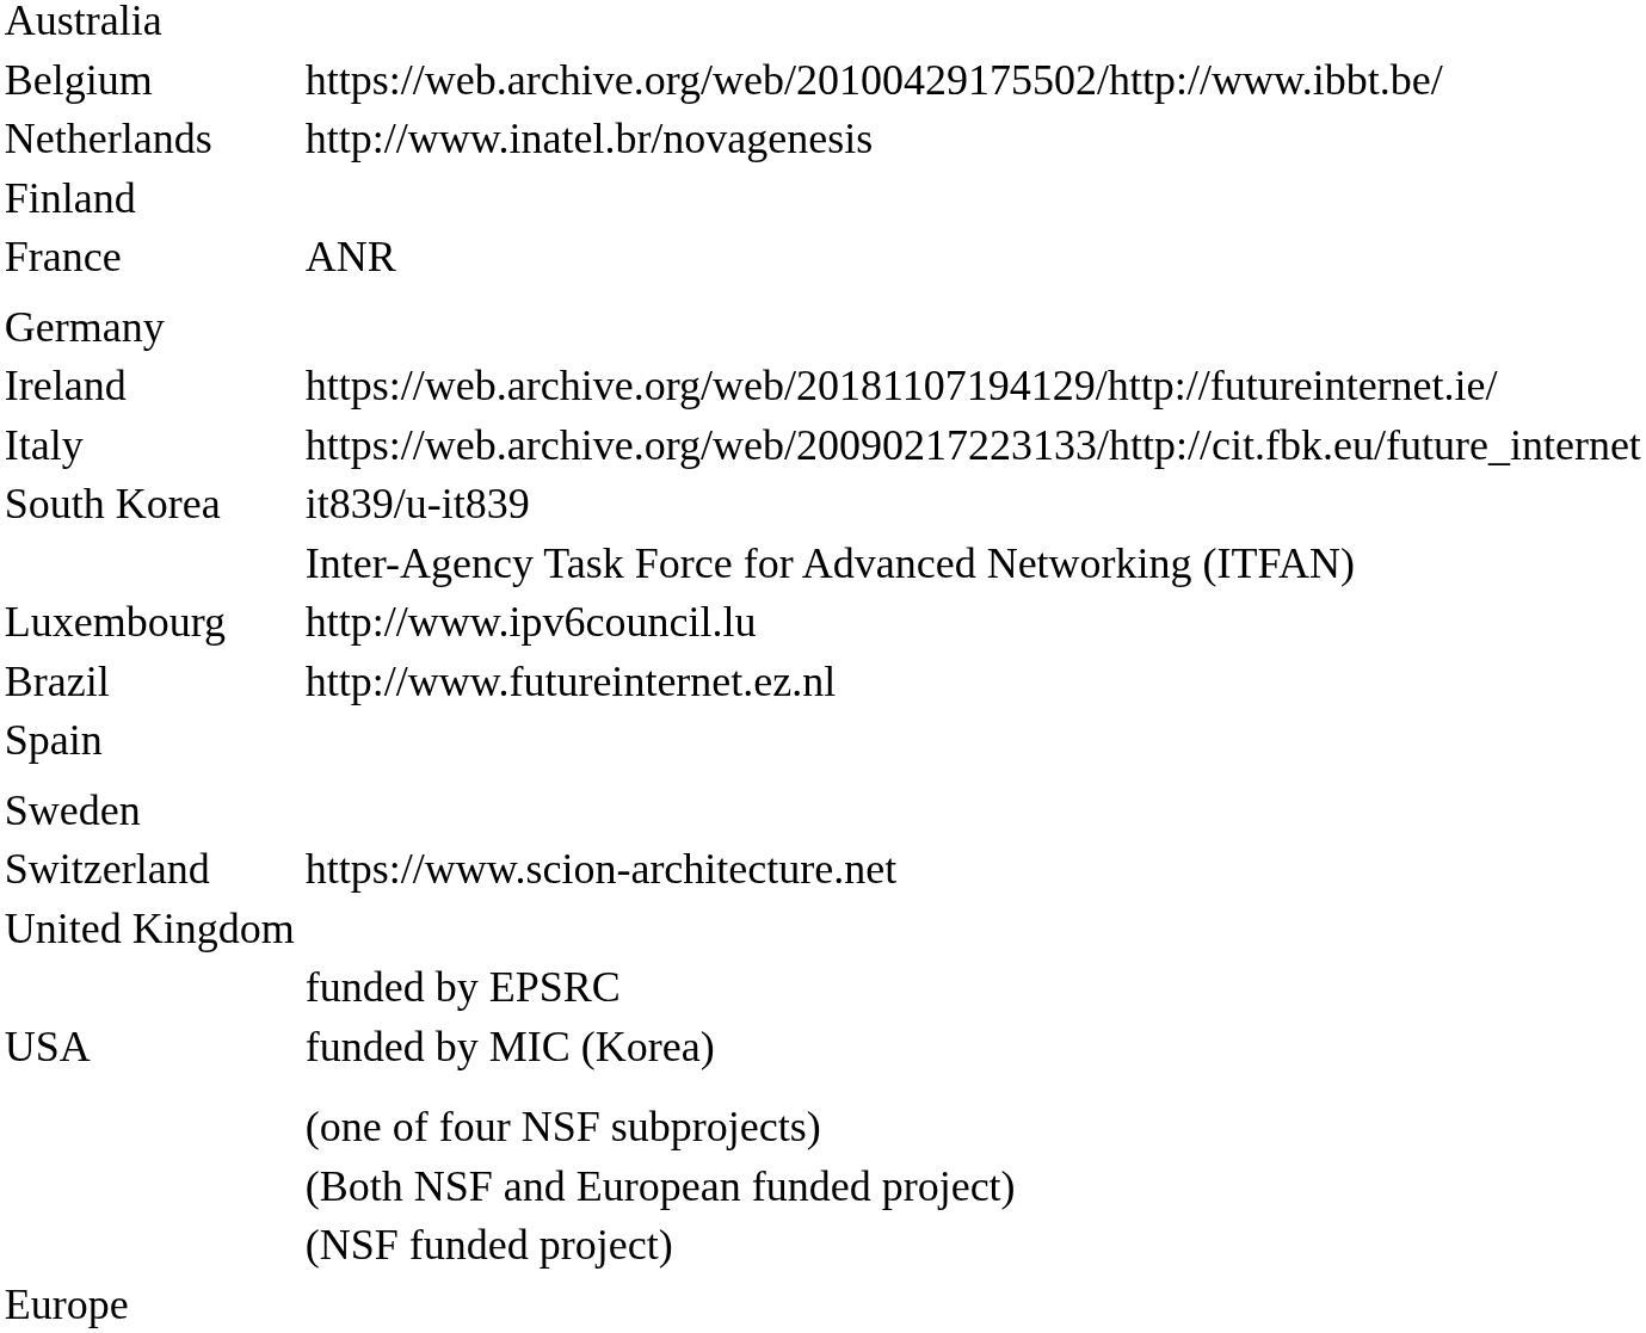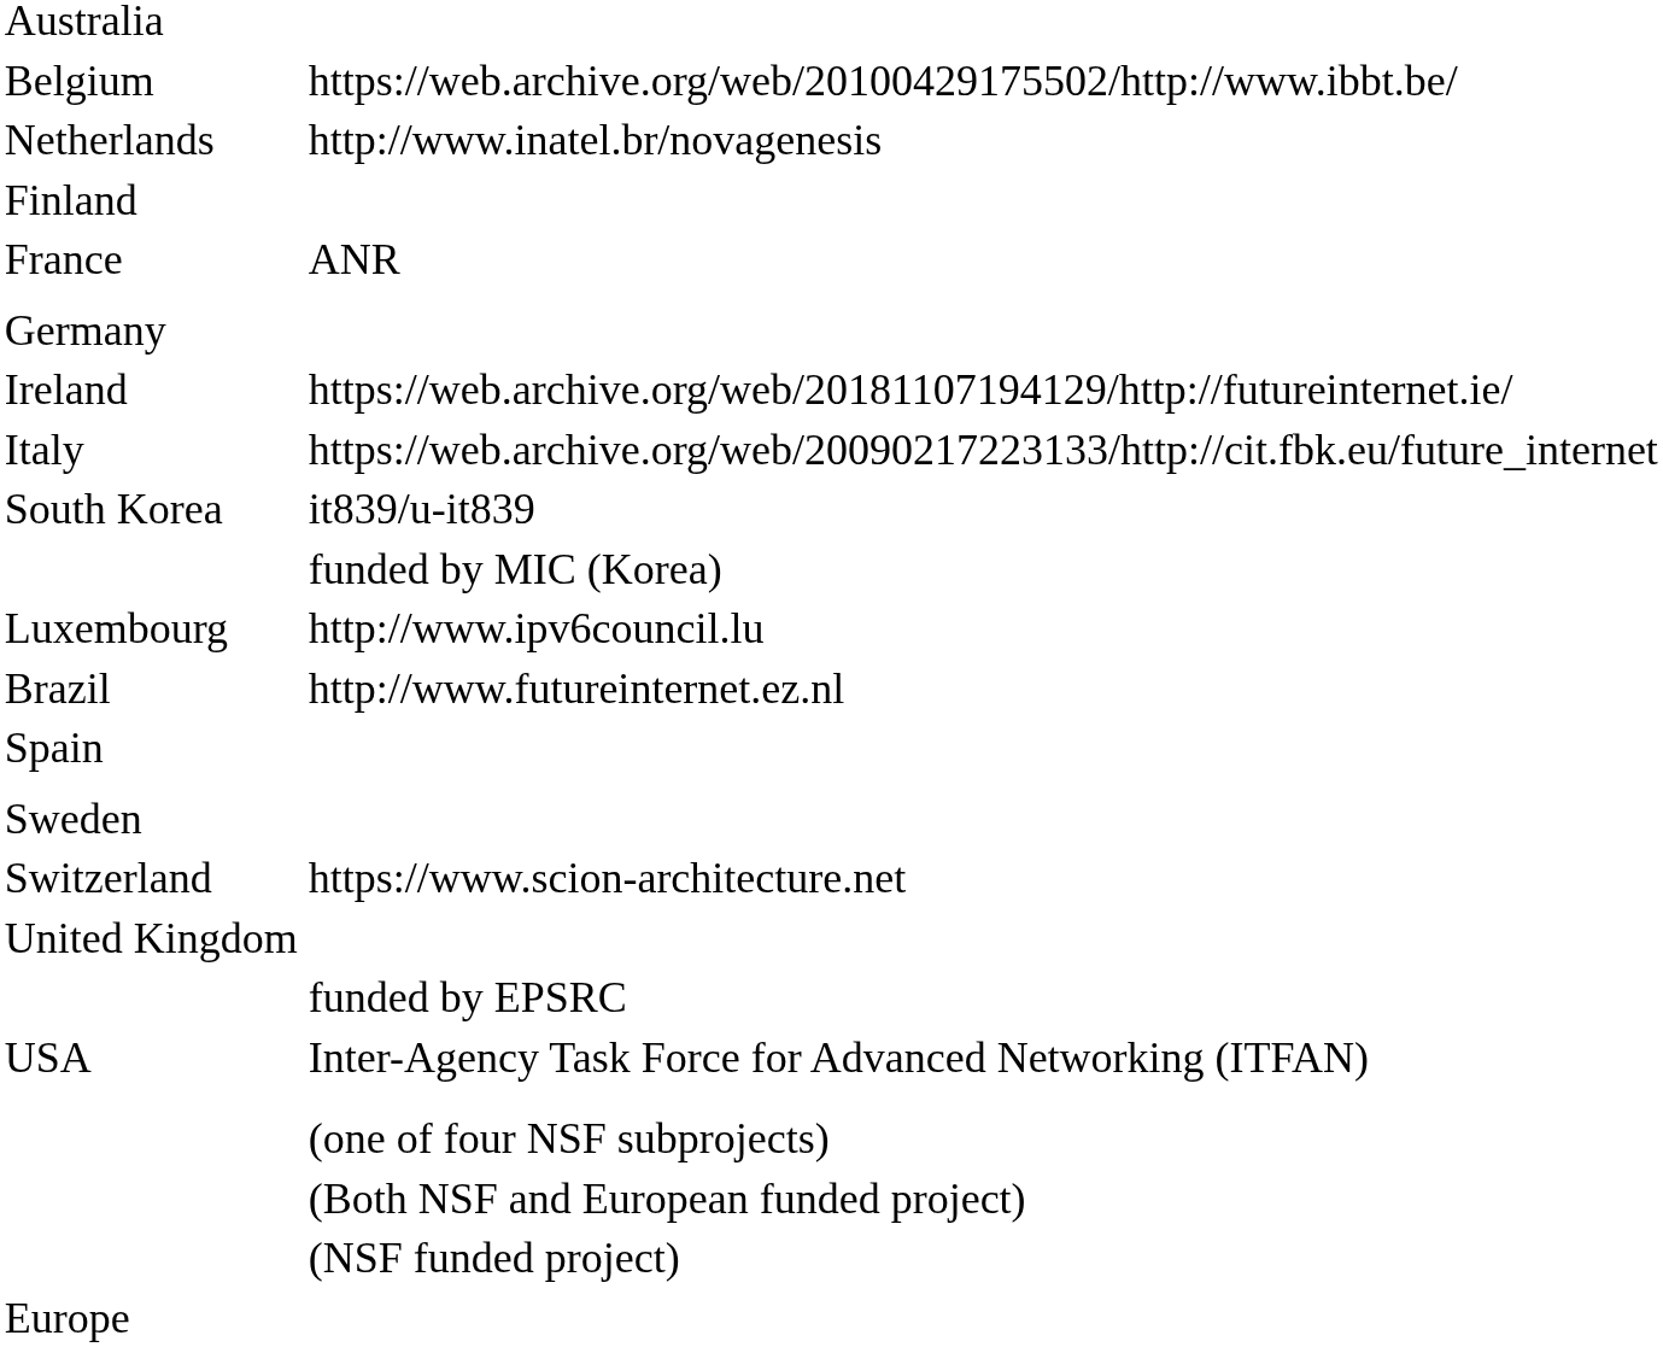 <table>
 <tr>
 <td>Australia</td>
 <td></td>
 </tr>
 <tr>
 <td>Belgium</td>
 <td>https://web.archive.org/web/20100429175502/http://www.ibbt.be/</td>
 </tr>
 <tr>
 <td>Netherlands</td>
 <td>http://www.inatel.br/novagenesis</td>
 </tr>
 <tr>
 <td>Finland</td>
 <td></td>
 </tr>
 <tr>
 <td>France</td>
 <td>ANR</td>
 </tr>
 <tr>
 <td></td>
 <td></td>
 </tr>
 <tr>
 <td>Germany</td>
 <td></td>
 </tr>
 <tr>
 <td>Ireland</td>
 <td>https://web.archive.org/web/20181107194129/http://futureinternet.ie/</td>
 </tr>
 <tr>
 <td>Italy</td>
 <td>https://web.archive.org/web/20090217223133/http://cit.fbk.eu/future_internet</td>
 </tr>
 <tr>
 <td>South Korea</td>
 <td>it839/u-it839</td>
 </tr>
 <tr>
 <td></td>
-<td>Inter-Agency Task Force for Advanced Networking (ITFAN)</td>
+<td> funded by MIC (Korea)</td>
 </tr>
 <tr>
 <td>Luxembourg</td>
 <td>http://www.ipv6council.lu</td>
 </tr>
 <tr>
 <td>Brazil</td>
 <td>http://www.futureinternet.ez.nl</td>
 </tr>
 <tr>
 <td>Spain</td>
 <td></td>
 </tr>
 <tr>
 <td></td>
 <td></td>
 </tr>
 <tr>
 <td>Sweden</td>
 <td></td>
 </tr>
 <tr>
 <td>Switzerland</td>
 <td>https://www.scion-architecture.net</td>
 </tr>
 <tr>
 <td>United Kingdom</td>
 <td></td>
 </tr>
 <tr>
 <td></td>
 <td> funded by EPSRC</td>
 </tr>
 <tr>
 <td>USA</td>
-<td> funded by MIC (Korea)</td>
+<td>Inter-Agency Task Force for Advanced Networking (ITFAN)</td>
 </tr>
 <tr>
 <td></td>
 <td></td>
 </tr>
 <tr>
 <td></td>
 <td></td>
 </tr>
 <tr>
 <td></td>
 <td> (one of four NSF subprojects)</td>
 </tr>
 <tr>
 <td></td>
 <td> (Both NSF and European funded project)</td>
 </tr>
 <tr>
 <td></td>
 <td> (NSF funded project)</td>
 </tr>
 <tr>
 <td>Europe</td>
 <td></td>
 </tr>
 <tr>
 <td></td>
 <td> </td>
 </tr>
 <tr>
 <td></td>
 <td></td>
 </tr>
 <tr>
 <td></td>
 <td> </td>
 </tr>
 <tr>
 <td></td>
 <td></td>
 </tr>
 <tr>
 <td></td>
 <td></td>
 </tr>
 <tr>
 <td></td>
 <td></td>
 </tr>
 <tr>
 <td></td>
 <td></td>
 </tr>
 <tr>
 <td></td>
 <td></td>
 </tr>
 </table>
